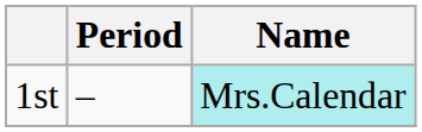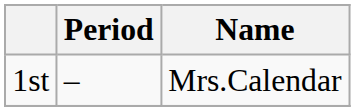 <table class="wikitable">
 <tr>
 <th> </th>
 <th>Period</th>
 <th>Name</th>
 </tr>
 <tr>
 <td>1st</td>
 <td>–</td>
-<td style="background: paleturquoise;">Mrs.Calendar</td>
+<td>Mrs.Calendar</td>
 </tr>
 <tr>
 </tr>
 </table>
